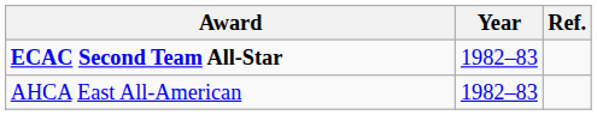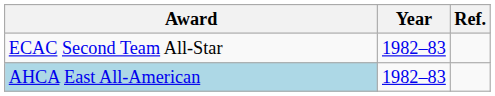 <table class="wikitable">
 <tr>
 <th scope="col" style="width:20em">Award</th>
 <th scope="col">Year</th>
 <th scope="col">Ref.</th>
 </tr>
 <tr>
-<td><strong><a href='#'>ECAC</a> <a href='#'>Second Team</a> All-Star</strong></td>
+<td><a href='#'>ECAC</a> <a href='#'>Second Team</a> All-Star</td>
 <td><a href='#'>1982–83</a></td>
 <td></td>
 </tr>
 <tr>
-<td><a href='#'>AHCA</a> <a href='#'>East All-American</a></td>
+<td style="background: lightblue;"><a href='#'>AHCA</a> <a href='#'>East All-American</a></td>
 <td><a href='#'>1982–83</a></td>
 <td></td>
 </tr>
 </table>
